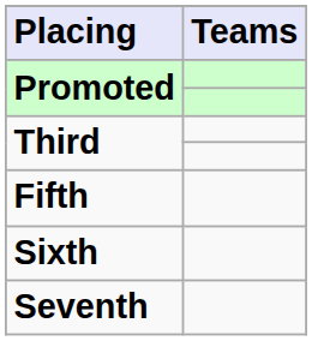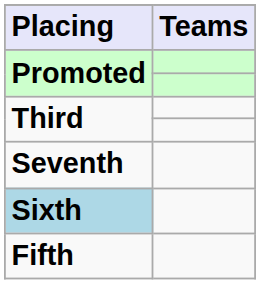 <table class=wikitable>
 <tr>
 </tr>
 <tr style="background: #E6E6FA;">
 <td><strong>Placing</strong></td>
 <td><strong>Teams</strong></td>
 </tr>
 <tr style="background: #ccffcc;">
 <td rowspan="2"><strong>Promoted</strong></td>
 <td><strong></strong></td>
 </tr>
 <tr style="background: #ccffcc;">
 <td><strong></strong></td>
 </tr>
 <tr>
 <td rowspan="2"><strong>Third</strong></td>
 <td></td>
 </tr>
 <tr>
 <td></td>
 </tr>
 <tr>
+<td><strong>Seventh</strong></td>
+<td></td>
+</tr>
+<tr>
+<td style="background: lightblue;"><strong>Sixth</strong></td>
+<td></td>
+</tr>
+<tr>
 <td><strong>Fifth</strong></td>
 <td></td>
 </tr>
-<tr>
-<td><strong>Sixth</strong></td>
-<td></td>
-</tr>
-<tr>
-<td><strong>Seventh</strong></td>
-<td></td>
-</tr>
 </table>
